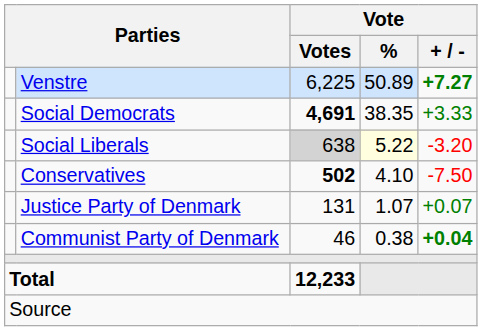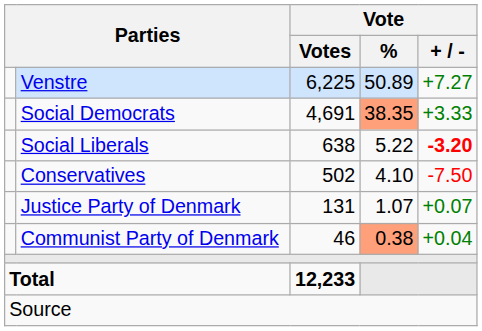 <table class="wikitable" style="text-align:right;">
 <tr>
 <th style="text-align:centre;" rowspan="2" colspan="2" width="225">Parties</th>
 <th colspan="3">Vote</th>
 </tr>
 <tr>
 <th width="15">Votes</th>
 <th width="15">%</th>
 <th width="15">+ / -</th>
 </tr>
 <tr>
 <td width="2" style="color:inherit;background:"></td>
 <td bgcolor=#cfe5fe  align="left"><a href='#'>Venstre</a></td>
 <td bgcolor=#cfe5fe>6,225</td>
 <td bgcolor=#cfe5fe>50.89</td>
-<td style=color:green;><strong>+7.27</strong></td>
+<td style=color:green;>+7.27</td>
 </tr>
 <tr>
 <td width="2" style="color:inherit;background:"></td>
 <td align="left"><a href='#'>Social Democrats</a></td>
-<td><strong>4,691</strong></td>
-<td>38.35</td>
+<td>4,691</td>
+<td style="background: lightsalmon;">38.35</td>
 <td style=color:green;>+3.33</td>
 </tr>
 <tr>
 <td width="2" style="color:inherit;background:"></td>
 <td align="left"><a href='#'>Social Liberals</a></td>
-<td style="background: lightgrey;">638</td>
-<td style="background: lightyellow;">5.22</td>
-<td style=color:red;>-3.20</td>
+<td>638</td>
+<td>5.22</td>
+<td style=color:red;><strong>-3.20</strong></td>
 </tr>
 <tr>
 <td width="2" style="color:inherit;background:"></td>
 <td align="left"><a href='#'>Conservatives</a></td>
-<td><strong>502</strong></td>
+<td>502</td>
 <td>4.10</td>
 <td style=color:red;>-7.50</td>
 </tr>
 <tr>
 <td width="2" style="color:inherit;background:"></td>
 <td align="left"><a href='#'>Justice Party of Denmark</a></td>
 <td>131</td>
 <td>1.07</td>
 <td style=color:green;>+0.07</td>
 </tr>
 <tr>
 <td width="2" style="color:inherit;background:"></td>
 <td align="left"><a href='#'>Communist Party of Denmark</a></td>
 <td>46</td>
-<td>0.38</td>
-<td style=color:green;><strong>+0.04</strong></td>
+<td style="background: lightsalmon;">0.38</td>
+<td style=color:green;>+0.04</td>
 </tr>
 <tr>
 <td colspan="7" bgcolor="#E9E9E9"></td>
 </tr>
 <tr>
 <td align="left" colspan="2"><strong>Total</strong></td>
 <td><strong>12,233</strong></td>
 <td bgcolor="#E9E9E9" colspan="2"></td>
 </tr>
 <tr>
 <td align="left" colspan="6">Source</td>
 </tr>
 </table>
